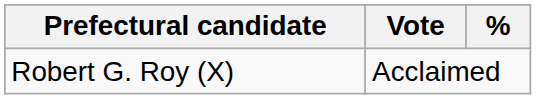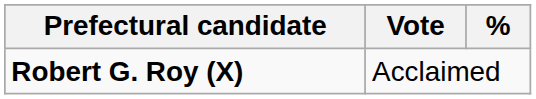 <table class="wikitable">
 <tr>
 <th bgcolor="#DDDDFF" width="200px">Prefectural candidate</th>
 <th bgcolor="#DDDDFF" width="50px">Vote</th>
 <th bgcolor="#DDDDFF" width="30px">%</th>
 </tr>
 <tr>
-<td>Robert G. Roy (X)</td>
+<td><strong>Robert G. Roy (X)</strong></td>
 <td colspan="2">Acclaimed</td>
 </tr>
 </table>
